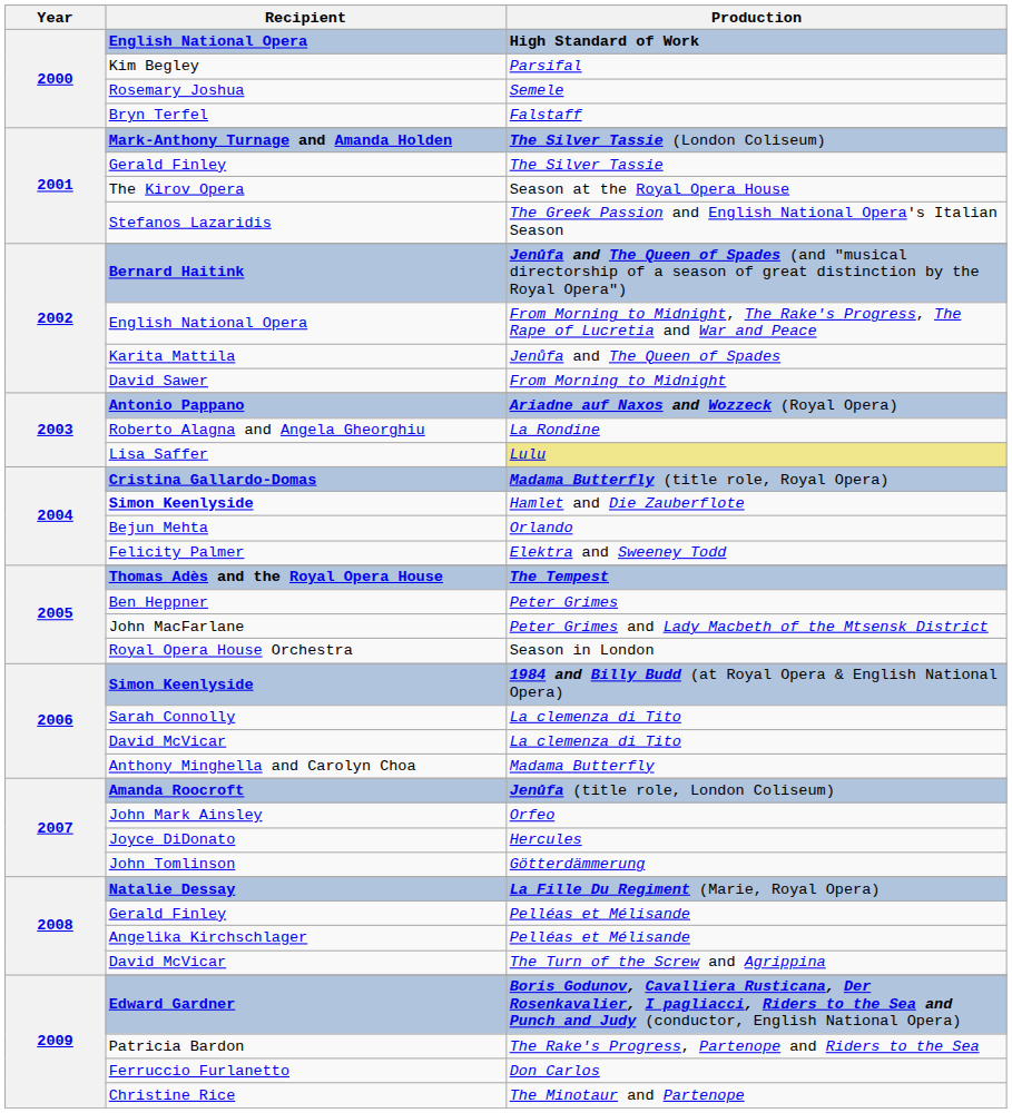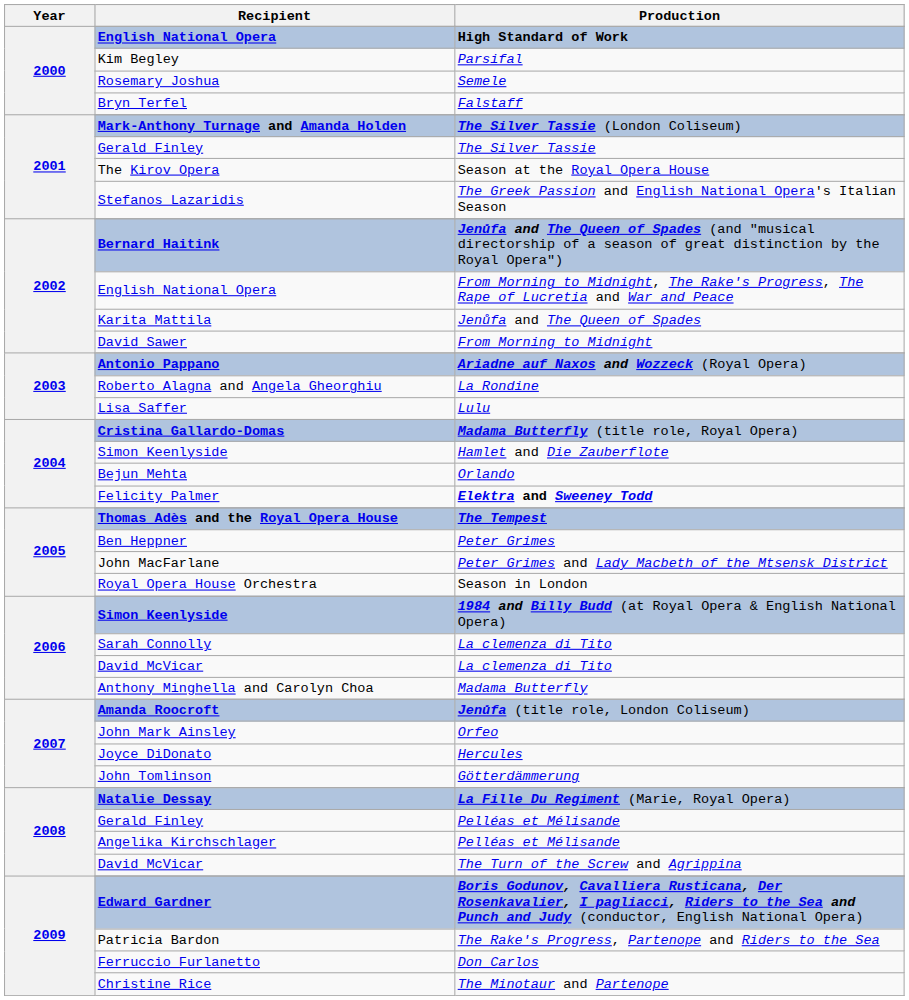 <table class="wikitable" style="width:98%;">
 <tr style="background:#bebebe;">
 <th style="width:10%;">Year</th>
 <th style="width:40%;">Recipient</th>
 <th style="width:50%;">Production</th>
 </tr>
 <tr>
 <th rowspan="5" align="center"><a href='#'>2000</a></th>
 </tr>
 <tr style="background:#B0C4DE">
 <td><strong><a href='#'>English National Opera</a></strong></td>
 <td><strong>High Standard of Work</strong></td>
 </tr>
 <tr>
 <td>Kim Begley</td>
 <td><em><a href='#'>Parsifal</a></em></td>
 </tr>
 <tr>
 <td><a href='#'>Rosemary Joshua</a></td>
 <td><em><a href='#'>Semele</a></em></td>
 </tr>
 <tr>
 <td><a href='#'>Bryn Terfel</a></td>
 <td><em><a href='#'>Falstaff</a></em></td>
 </tr>
 <tr>
 <th rowspan="5" align="center"><a href='#'>2001</a></th>
 </tr>
 <tr style="background:#B0C4DE">
 <td><strong><a href='#'>Mark-Anthony Turnage</a> and <a href='#'>Amanda Holden</a></strong></td>
 <td><strong><em><a href='#'>The Silver Tassie</a></em></strong> (London Coliseum)</td>
 </tr>
 <tr>
 <td><a href='#'>Gerald Finley</a></td>
 <td><em><a href='#'>The Silver Tassie</a></em></td>
 </tr>
 <tr>
 <td>The <a href='#'>Kirov Opera</a></td>
 <td>Season at the <a href='#'>Royal Opera House</a></td>
 </tr>
 <tr>
 <td><a href='#'>Stefanos Lazaridis</a></td>
 <td><em><a href='#'>The Greek Passion</a></em> and <a href='#'>English National Opera</a>'s Italian Season</td>
 </tr>
 <tr>
 <th rowspan="5" align="center"><a href='#'>2002</a></th>
 </tr>
 <tr style="background:#B0C4DE">
 <td><strong><a href='#'>Bernard Haitink</a></strong></td>
 <td><strong><em><a href='#'>Jenůfa</a><em> and </em><a href='#'>The Queen of Spades</a></em></strong> (and "musical directorship of a season of great distinction by the Royal Opera")</td>
 </tr>
 <tr>
 <td><a href='#'>English National Opera</a></td>
 <td><em><a href='#'>From Morning to Midnight</a></em>, <em><a href='#'>The Rake's Progress</a></em>, <em><a href='#'>The Rape of Lucretia</a></em> and <em><a href='#'>War and Peace</a></em></td>
 </tr>
 <tr>
 <td><a href='#'>Karita Mattila</a></td>
 <td><em><a href='#'>Jenůfa</a></em> and <em><a href='#'>The Queen of Spades</a></em></td>
 </tr>
 <tr>
 <td><a href='#'>David Sawer</a></td>
 <td><em><a href='#'>From Morning to Midnight</a></em></td>
 </tr>
 <tr>
 <th rowspan="4" align="center"><a href='#'>2003</a></th>
 </tr>
 <tr style="background:#B0C4DE">
 <td><strong><a href='#'>Antonio Pappano</a></strong></td>
 <td><strong><em><a href='#'>Ariadne auf Naxos</a><em> and </em><a href='#'>Wozzeck</a></em></strong> (Royal Opera)</td>
 </tr>
 <tr>
 <td><a href='#'>Roberto Alagna</a> and <a href='#'>Angela Gheorghiu</a></td>
 <td><em><a href='#'>La Rondine</a></em></td>
 </tr>
 <tr>
 <td><a href='#'>Lisa Saffer</a></td>
-<td style="background: khaki;"><em><a href='#'>Lulu</a></em></td>
+<td><em><a href='#'>Lulu</a></em></td>
 </tr>
 <tr>
 <th rowspan="5" align="center"><a href='#'>2004</a></th>
 </tr>
 <tr style="background:#B0C4DE">
 <td><strong><a href='#'>Cristina Gallardo-Domas</a></strong></td>
 <td><strong><em><a href='#'>Madama Butterfly</a></em></strong> (title role, Royal Opera)</td>
 </tr>
 <tr>
-<td><strong><a href='#'>Simon Keenlyside</a></strong></td>
+<td><a href='#'>Simon Keenlyside</a></td>
 <td><em><a href='#'>Hamlet</a></em> and <em><a href='#'>Die Zauberflote</a></em></td>
 </tr>
 <tr>
 <td><a href='#'>Bejun Mehta</a></td>
 <td><em><a href='#'>Orlando</a></em></td>
 </tr>
 <tr>
 <td><a href='#'>Felicity Palmer</a></td>
-<td><em><a href='#'>Elektra</a></em> and <em><a href='#'>Sweeney Todd</a></em></td>
+<td><strong><em><a href='#'>Elektra</a></em> and <em><a href='#'>Sweeney Todd</a></em></strong></td>
 </tr>
 <tr>
 <th rowspan="5" align="center"><a href='#'>2005</a></th>
 </tr>
 <tr style="background:#B0C4DE">
 <td><strong><a href='#'>Thomas Adès</a> and the <a href='#'>Royal Opera House</a></strong></td>
 <td><strong><em><a href='#'>The Tempest</a></em></strong></td>
 </tr>
 <tr>
 <td><a href='#'>Ben Heppner</a></td>
 <td><em><a href='#'>Peter Grimes</a></em></td>
 </tr>
 <tr>
 <td>John MacFarlane</td>
 <td><em><a href='#'>Peter Grimes</a></em> and <em><a href='#'>Lady Macbeth of the Mtsensk District</a></em></td>
 </tr>
 <tr>
 <td><a href='#'>Royal Opera House</a> Orchestra</td>
 <td>Season in London</td>
 </tr>
 <tr>
 <th rowspan="5" align="center"><a href='#'>2006</a></th>
 </tr>
 <tr style="background:#B0C4DE">
 <td><strong><a href='#'>Simon Keenlyside</a></strong></td>
 <td><strong><em><a href='#'>1984</a><em> and </em><a href='#'>Billy Budd</a></em></strong> (at Royal Opera & English National Opera)</td>
 </tr>
 <tr>
 <td><a href='#'>Sarah Connolly</a></td>
 <td><em><a href='#'>La clemenza di Tito</a></em></td>
 </tr>
 <tr>
 <td><a href='#'>David McVicar</a></td>
 <td><em><a href='#'>La clemenza di Tito</a></em></td>
 </tr>
 <tr>
 <td><a href='#'>Anthony Minghella</a> and Carolyn Choa</td>
 <td><em><a href='#'>Madama Butterfly</a></em></td>
 </tr>
 <tr>
 <th rowspan="5" align="center"><a href='#'>2007</a></th>
 </tr>
 <tr style="background:#B0C4DE">
 <td><strong><a href='#'>Amanda Roocroft</a></strong></td>
 <td><strong><em><a href='#'>Jenůfa</a></em></strong> (title role, London Coliseum)</td>
 </tr>
 <tr>
 <td><a href='#'>John Mark Ainsley</a></td>
 <td><em><a href='#'>Orfeo</a></em></td>
 </tr>
 <tr>
 <td><a href='#'>Joyce DiDonato</a></td>
 <td><em><a href='#'>Hercules</a></em></td>
 </tr>
 <tr>
 <td><a href='#'>John Tomlinson</a></td>
 <td><em><a href='#'>Götterdämmerung</a></em></td>
 </tr>
 <tr>
 <th rowspan="5" align="center"><a href='#'>2008</a></th>
 </tr>
 <tr style="background:#B0C4DE">
 <td><strong><a href='#'>Natalie Dessay</a></strong></td>
 <td><strong><em><a href='#'>La Fille Du Regiment</a></em></strong> (Marie, Royal Opera)</td>
 </tr>
 <tr>
 <td><a href='#'>Gerald Finley</a></td>
 <td><em><a href='#'>Pelléas et Mélisande</a></em></td>
 </tr>
 <tr>
 <td><a href='#'>Angelika Kirchschlager</a></td>
 <td><em><a href='#'>Pelléas et Mélisande</a></em></td>
 </tr>
 <tr>
 <td><a href='#'>David McVicar</a></td>
 <td><em><a href='#'>The Turn of the Screw</a></em> and <em><a href='#'>Agrippina</a></em></td>
 </tr>
 <tr>
 <th rowspan="5" align="center"><a href='#'>2009</a></th>
 </tr>
 <tr style="background:#B0C4DE">
 <td><strong><a href='#'>Edward Gardner</a></strong></td>
 <td><strong><em><a href='#'>Boris Godunov</a><em>, </em><a href='#'>Cavalliera Rusticana</a><em>, </em><a href='#'>Der Rosenkavalier</a><em>, </em><a href='#'>I pagliacci</a><em>, </em><a href='#'>Riders to the Sea</a><em> and </em><a href='#'>Punch and Judy</a></em></strong> (conductor, English National Opera)</td>
 </tr>
 <tr>
 <td>Patricia Bardon</td>
 <td><em><a href='#'>The Rake's Progress</a></em>, <em><a href='#'>Partenope</a></em> and <em><a href='#'>Riders to the Sea</a></em></td>
 </tr>
 <tr>
 <td><a href='#'>Ferruccio Furlanetto</a></td>
 <td><em><a href='#'>Don Carlos</a></em></td>
 </tr>
 <tr>
 <td><a href='#'>Christine Rice</a></td>
 <td><em><a href='#'>The Minotaur</a></em> and <em><a href='#'>Partenope</a></em></td>
 </tr>
 </table>
